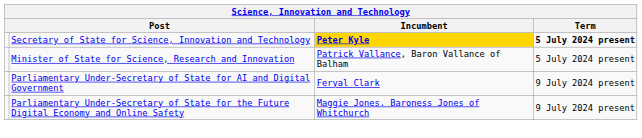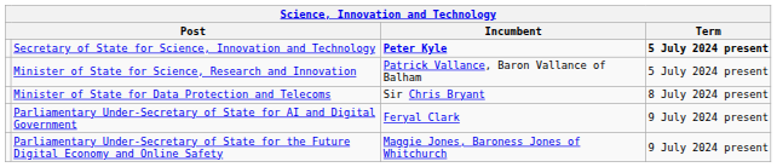 <table class="wikitable">
 <tr>
 <th colspan="4"><a href='#'>Science, Innovation and Technology</a></th>
 </tr>
 <tr>
 <th colspan="2">Post</th>
 <th>Incumbent</th>
 <th>Term</th>
 </tr>
 <tr>
 <td style="width: 1px; background: "></td>
 <td style="width: 450px;"><a href='#'>Secretary of State for Science, Innovation and Technology</a></td>
-<td style="background: gold; width: 320px;"><strong><a href='#'>Peter Kyle</a></strong></td>
+<td style="width: 320px;"><strong><a href='#'>Peter Kyle</a></strong></td>
 <td><strong>5 July 2024 present</strong></td>
 </tr>
 <tr>
 <td style="width: 1px; background: "></td>
 <td style="width: 450px;"><a href='#'>Minister of State for Science, Research and Innovation</a></td>
 <td><a href='#'>Patrick Vallance</a>, Baron Vallance of Balham</td>
 <td>5 July 2024 present</td>
+</tr>
+<tr>
+<td rowspan=1 style="width: 1px; background: "></td>
+<td rowspan=1 style="width: 450px;"><a href='#'>Minister of State for Data Protection and Telecoms</a></td>
+<td>Sir <a href='#'>Chris Bryant</a></td>
+<td>8 July 2024 present</td>
 </tr>
 <tr>
 <td rowspan=1 style="width: 1px; background: "></td>
 <td rowspan=1 style="width: 45opx;"><a href='#'>Parliamentary Under-Secretary of State for AI and Digital Government</a></td>
 <td><a href='#'>Feryal Clark</a></td>
 <td>9 July 2024 present</td>
 </tr>
 <tr>
 <td rowspan=1 style="width: 1px; background: "></td>
 <td><a href='#'>Parliamentary Under-Secretary of State for the Future Digital Economy and Online Safety</a></td>
 <td><a href='#'>Maggie Jones, Baroness Jones of Whitchurch</a> </td>
 <td>9 July 2024 present</td>
 </tr>
 </table>
